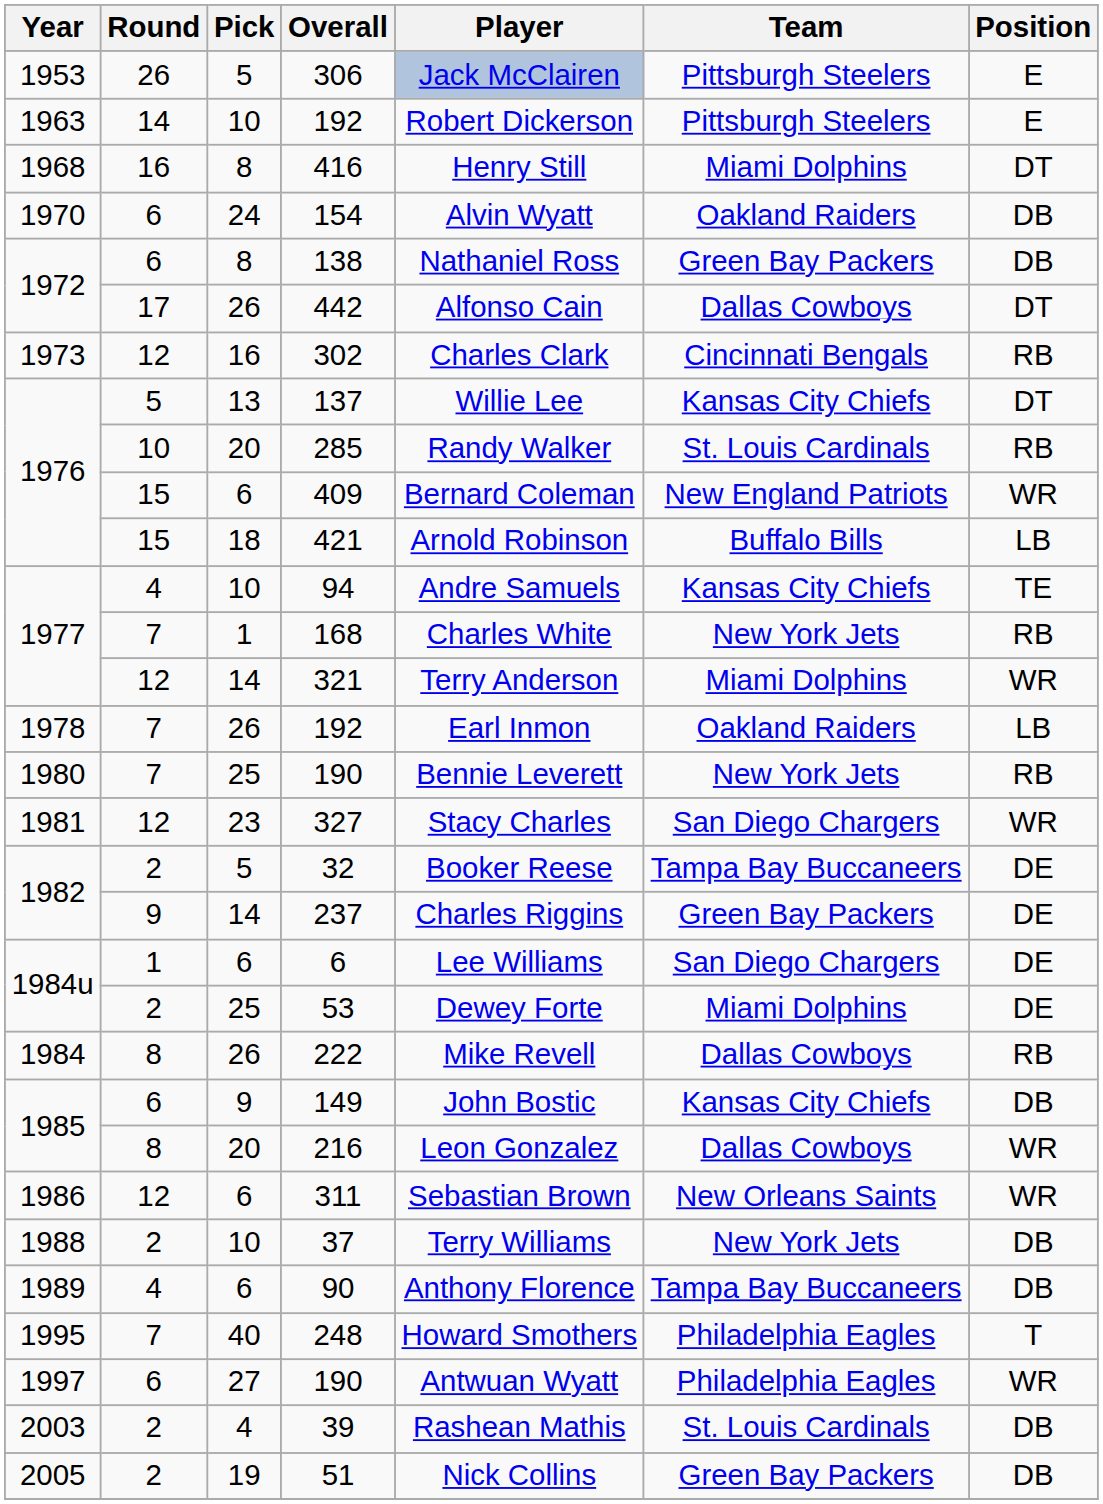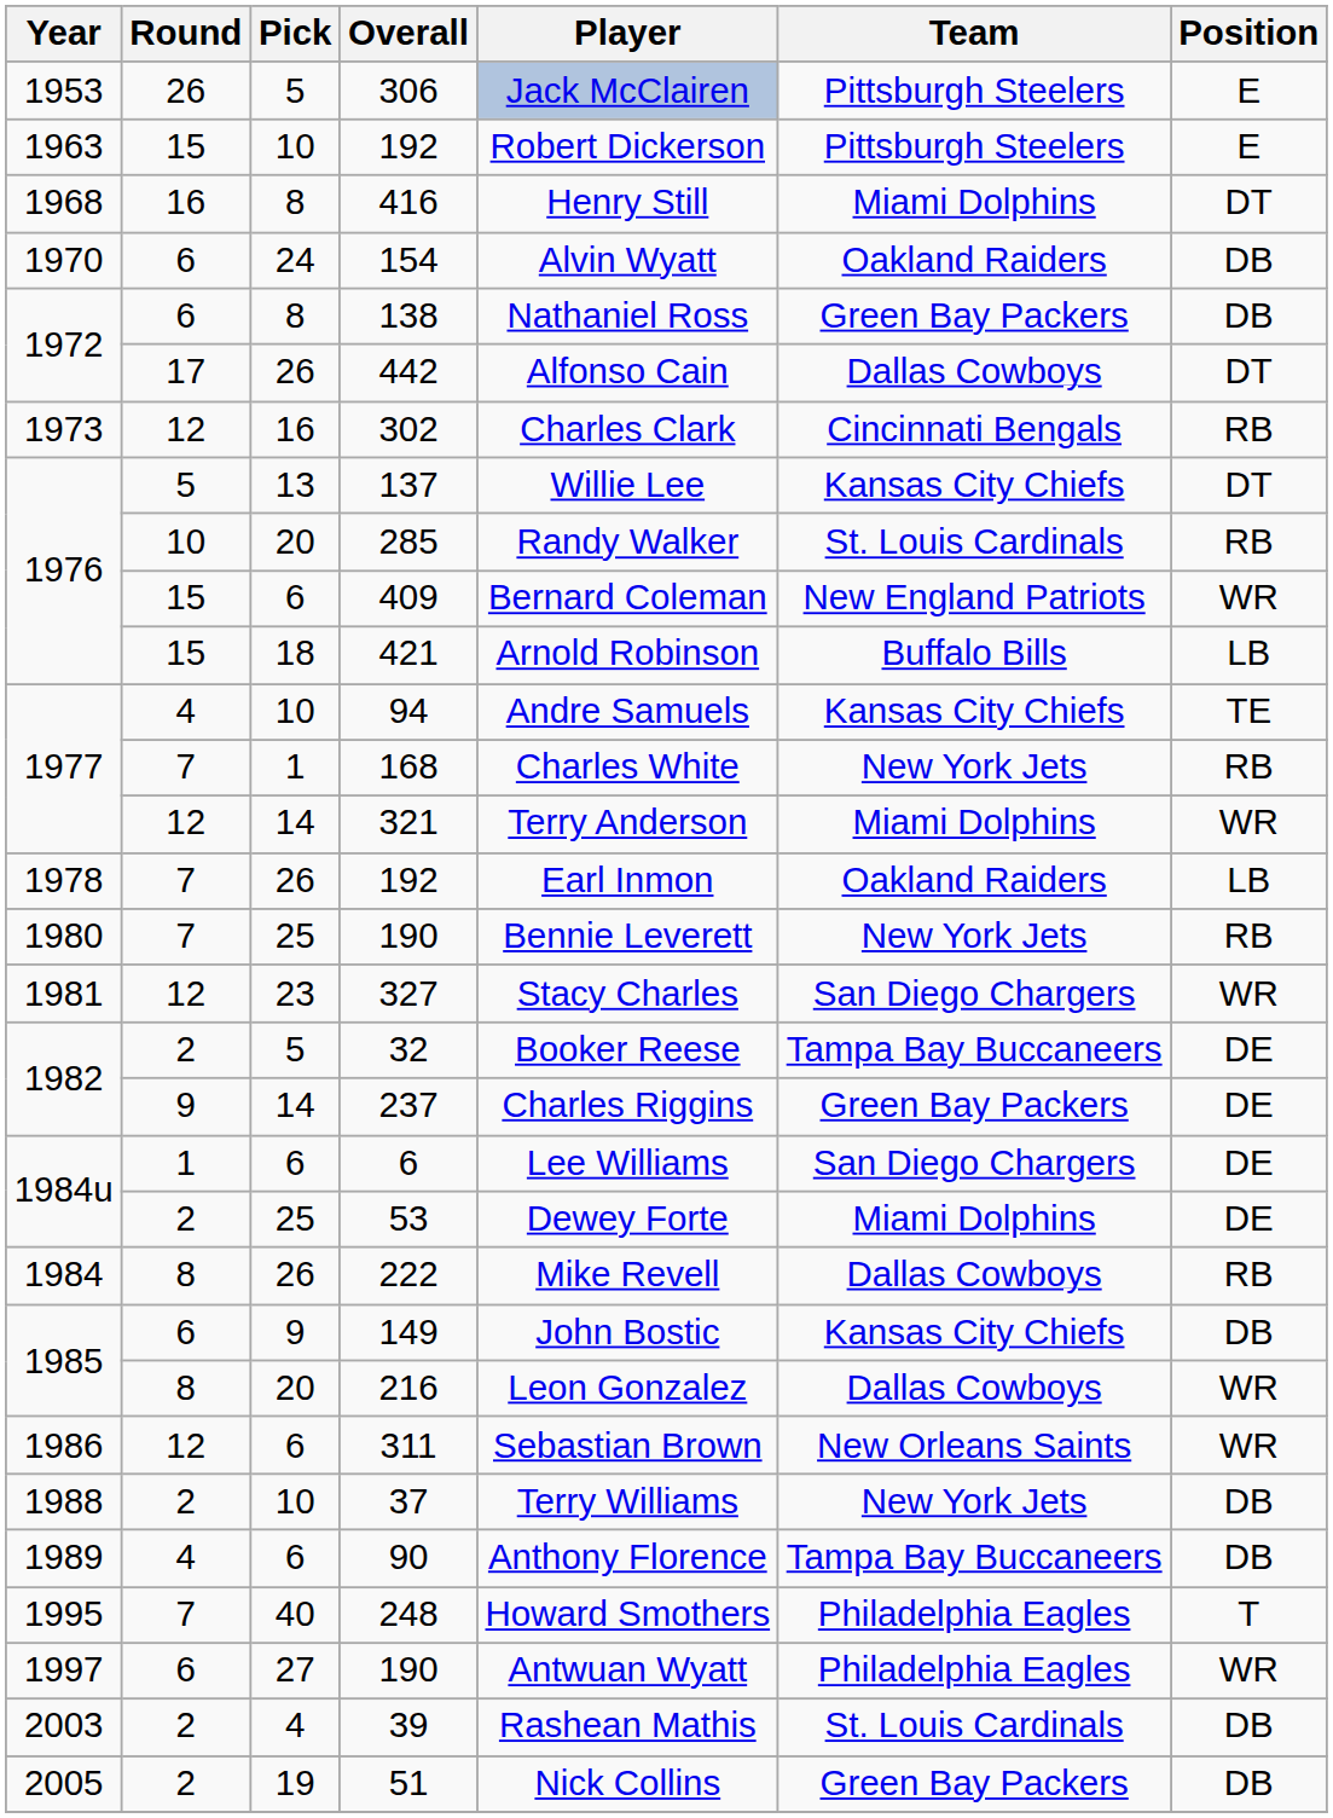 <table class="wikitable sortable" style="text-align: center;">
 <tr>
 <th>Year</th>
 <th>Round</th>
 <th>Pick</th>
 <th>Overall</th>
 <th>Player</th>
 <th>Team</th>
 <th>Position</th>
 </tr>
 <tr>
 <td>1953</td>
 <td>26</td>
 <td>5</td>
 <td>306</td>
 <td style="background-color:lightsteelblue"><a href='#'>Jack McClairen</a></td>
 <td><a href='#'>Pittsburgh Steelers</a></td>
 <td>E</td>
 </tr>
 <tr>
 <td>1963</td>
-<td>14</td>
+<td>15</td>
 <td>10</td>
 <td>192</td>
 <td><a href='#'>Robert Dickerson</a></td>
 <td><a href='#'>Pittsburgh Steelers</a></td>
 <td>E</td>
 </tr>
 <tr>
 <td>1968</td>
 <td>16</td>
 <td>8</td>
 <td>416</td>
 <td><a href='#'>Henry Still</a></td>
 <td><a href='#'>Miami Dolphins</a></td>
 <td>DT</td>
 </tr>
 <tr>
 <td>1970</td>
 <td>6</td>
 <td>24</td>
 <td>154</td>
 <td><a href='#'>Alvin Wyatt</a></td>
 <td><a href='#'>Oakland Raiders</a></td>
 <td>DB</td>
 </tr>
 <tr>
 <td rowspan="2">1972</td>
 <td>6</td>
 <td>8</td>
 <td>138</td>
 <td><a href='#'>Nathaniel Ross</a></td>
 <td><a href='#'>Green Bay Packers</a></td>
 <td>DB</td>
 </tr>
 <tr>
 <td>17</td>
 <td>26</td>
 <td>442</td>
 <td><a href='#'>Alfonso Cain</a></td>
 <td><a href='#'>Dallas Cowboys</a></td>
 <td>DT</td>
 </tr>
 <tr>
 <td>1973</td>
 <td>12</td>
 <td>16</td>
 <td>302</td>
 <td><a href='#'>Charles Clark</a></td>
 <td><a href='#'>Cincinnati Bengals</a></td>
 <td>RB</td>
 </tr>
 <tr>
 <td rowspan="4">1976</td>
 <td>5</td>
 <td>13</td>
 <td>137</td>
 <td><a href='#'>Willie Lee</a></td>
 <td><a href='#'>Kansas City Chiefs</a></td>
 <td>DT</td>
 </tr>
 <tr>
 <td>10</td>
 <td>20</td>
 <td>285</td>
 <td><a href='#'>Randy Walker</a></td>
 <td><a href='#'>St. Louis Cardinals</a></td>
 <td>RB</td>
 </tr>
 <tr>
 <td>15</td>
 <td>6</td>
 <td>409</td>
 <td><a href='#'>Bernard Coleman</a></td>
 <td><a href='#'>New England Patriots</a></td>
 <td>WR</td>
 </tr>
 <tr>
 <td>15</td>
 <td>18</td>
 <td>421</td>
 <td><a href='#'>Arnold Robinson</a></td>
 <td><a href='#'>Buffalo Bills</a></td>
 <td>LB</td>
 </tr>
 <tr>
 <td rowspan="3">1977</td>
 <td>4</td>
 <td>10</td>
 <td>94</td>
 <td><a href='#'>Andre Samuels</a></td>
 <td><a href='#'>Kansas City Chiefs</a></td>
 <td>TE</td>
 </tr>
 <tr>
 <td>7</td>
 <td>1</td>
 <td>168</td>
 <td><a href='#'>Charles White</a></td>
 <td><a href='#'>New York Jets</a></td>
 <td>RB</td>
 </tr>
 <tr>
 <td>12</td>
 <td>14</td>
 <td>321</td>
 <td><a href='#'>Terry Anderson</a></td>
 <td><a href='#'>Miami Dolphins</a></td>
 <td>WR</td>
 </tr>
 <tr>
 <td>1978</td>
 <td>7</td>
 <td>26</td>
 <td>192</td>
 <td><a href='#'>Earl Inmon</a></td>
 <td><a href='#'>Oakland Raiders</a></td>
 <td>LB</td>
 </tr>
 <tr>
 <td>1980</td>
 <td>7</td>
 <td>25</td>
 <td>190</td>
 <td><a href='#'>Bennie Leverett</a></td>
 <td><a href='#'>New York Jets</a></td>
 <td>RB</td>
 </tr>
 <tr>
 <td>1981</td>
 <td>12</td>
 <td>23</td>
 <td>327</td>
 <td><a href='#'>Stacy Charles</a></td>
 <td><a href='#'>San Diego Chargers</a></td>
 <td>WR</td>
 </tr>
 <tr>
 <td rowspan="2">1982</td>
 <td>2</td>
 <td>5</td>
 <td>32</td>
 <td><a href='#'>Booker Reese</a></td>
 <td><a href='#'>Tampa Bay Buccaneers</a></td>
 <td>DE</td>
 </tr>
 <tr>
 <td>9</td>
 <td>14</td>
 <td>237</td>
 <td><a href='#'>Charles Riggins</a></td>
 <td><a href='#'>Green Bay Packers</a></td>
 <td>DE</td>
 </tr>
 <tr>
 <td rowspan="2">1984u</td>
 <td>1</td>
 <td>6</td>
 <td>6</td>
 <td><a href='#'>Lee Williams</a></td>
 <td><a href='#'>San Diego Chargers</a></td>
 <td>DE</td>
 </tr>
 <tr>
 <td>2</td>
 <td>25</td>
 <td>53</td>
 <td><a href='#'>Dewey Forte</a></td>
 <td><a href='#'>Miami Dolphins</a></td>
 <td>DE</td>
 </tr>
 <tr>
 <td>1984</td>
 <td>8</td>
 <td>26</td>
 <td>222</td>
 <td><a href='#'>Mike Revell</a></td>
 <td><a href='#'>Dallas Cowboys</a></td>
 <td>RB</td>
 </tr>
 <tr>
 <td rowspan="2">1985</td>
 <td>6</td>
 <td>9</td>
 <td>149</td>
 <td><a href='#'>John Bostic</a></td>
 <td><a href='#'>Kansas City Chiefs</a></td>
 <td>DB</td>
 </tr>
 <tr>
 <td>8</td>
 <td>20</td>
 <td>216</td>
 <td><a href='#'>Leon Gonzalez</a></td>
 <td><a href='#'>Dallas Cowboys</a></td>
 <td>WR</td>
 </tr>
 <tr>
 <td>1986</td>
 <td>12</td>
 <td>6</td>
 <td>311</td>
 <td><a href='#'>Sebastian Brown</a></td>
 <td><a href='#'>New Orleans Saints</a></td>
 <td>WR</td>
 </tr>
 <tr>
 <td>1988</td>
 <td>2</td>
 <td>10</td>
 <td>37</td>
 <td><a href='#'>Terry Williams</a></td>
 <td><a href='#'>New York Jets</a></td>
 <td>DB</td>
 </tr>
 <tr>
 <td>1989</td>
 <td>4</td>
 <td>6</td>
 <td>90</td>
 <td><a href='#'>Anthony Florence</a></td>
 <td><a href='#'>Tampa Bay Buccaneers</a></td>
 <td>DB</td>
 </tr>
 <tr>
 <td>1995</td>
 <td>7</td>
 <td>40</td>
 <td>248</td>
 <td><a href='#'>Howard Smothers</a></td>
 <td><a href='#'>Philadelphia Eagles</a></td>
 <td>T</td>
 </tr>
 <tr>
 <td>1997</td>
 <td>6</td>
 <td>27</td>
 <td>190</td>
 <td><a href='#'>Antwuan Wyatt</a></td>
 <td><a href='#'>Philadelphia Eagles</a></td>
 <td>WR</td>
 </tr>
 <tr>
 <td>2003</td>
 <td>2</td>
 <td>4</td>
 <td>39</td>
 <td><a href='#'>Rashean Mathis</a></td>
 <td><a href='#'>St. Louis Cardinals</a></td>
 <td>DB</td>
 </tr>
 <tr>
 <td>2005</td>
 <td>2</td>
 <td>19</td>
 <td>51</td>
 <td><a href='#'>Nick Collins</a></td>
 <td><a href='#'>Green Bay Packers</a></td>
 <td>DB</td>
 </tr>
 <tr>
 </tr>
 </table>
